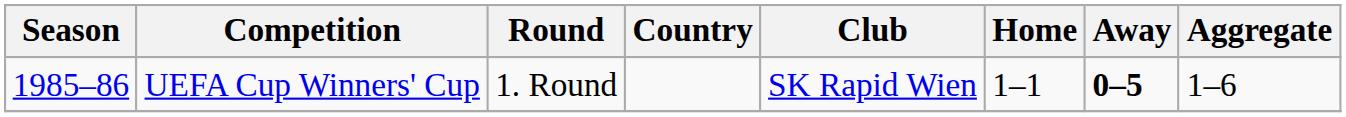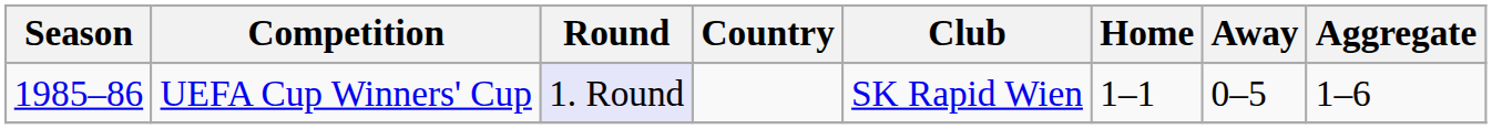 <table class="wikitable">
 <tr>
 <th>Season</th>
 <th>Competition</th>
 <th>Round</th>
 <th>Country</th>
 <th>Club</th>
 <th>Home</th>
 <th>Away</th>
 <th>Aggregate</th>
 </tr>
 <tr>
 <td><a href='#'>1985–86</a></td>
 <td><a href='#'>UEFA Cup Winners' Cup</a></td>
-<td>1. Round</td>
+<td style="background: lavender;">1. Round</td>
 <td></td>
 <td><a href='#'>SK Rapid Wien</a></td>
 <td>1–1</td>
-<td><strong>0–5</strong></td>
+<td>0–5</td>
 <td>1–6</td>
 </tr>
 <tr>
 </tr>
 </table>
